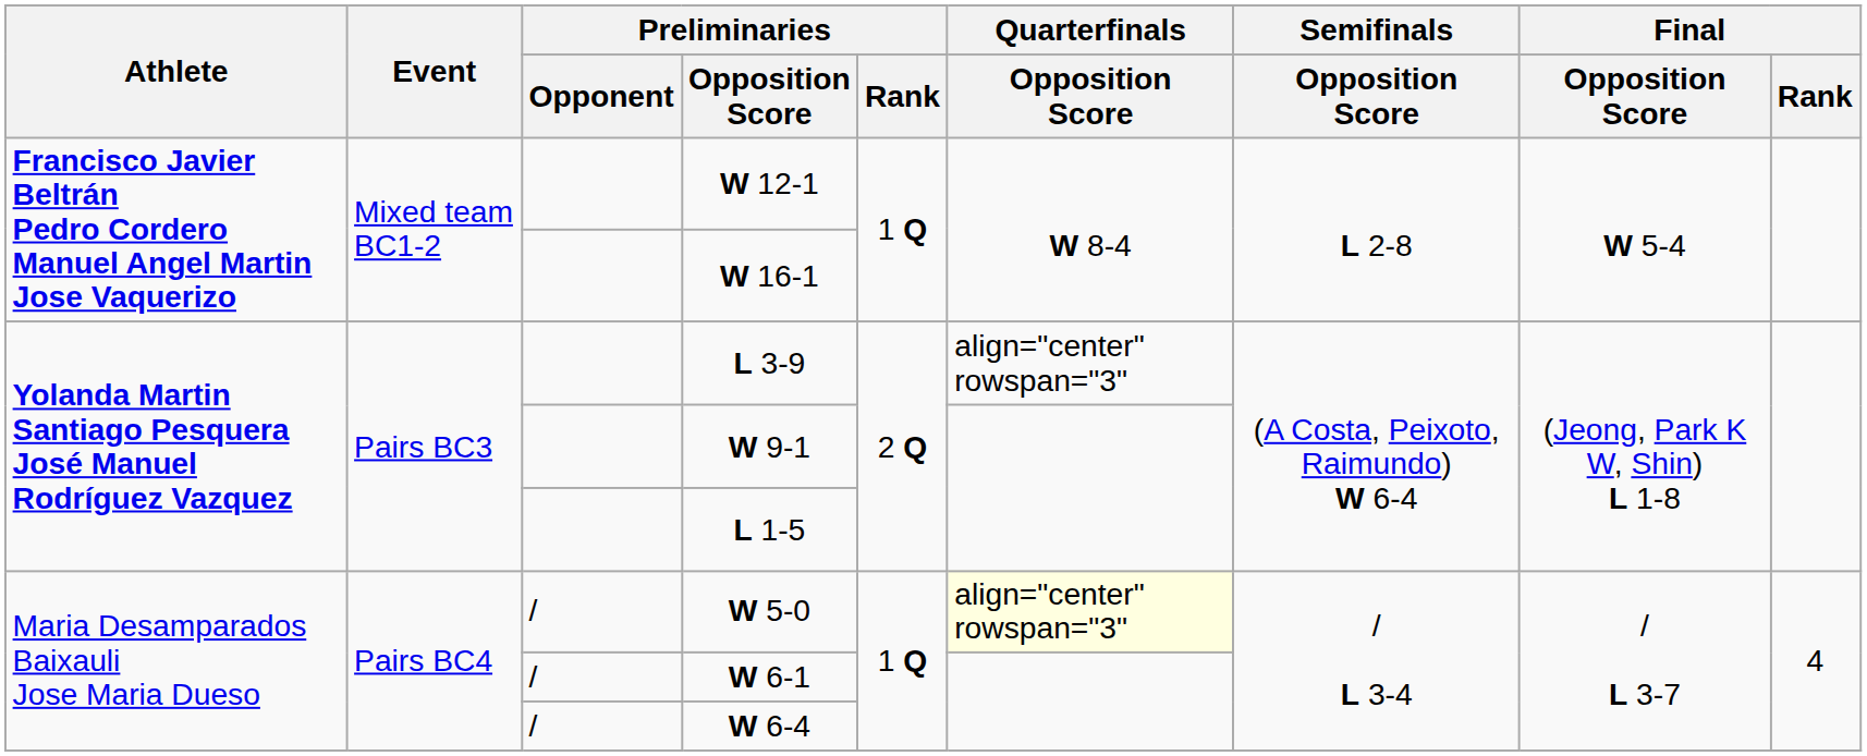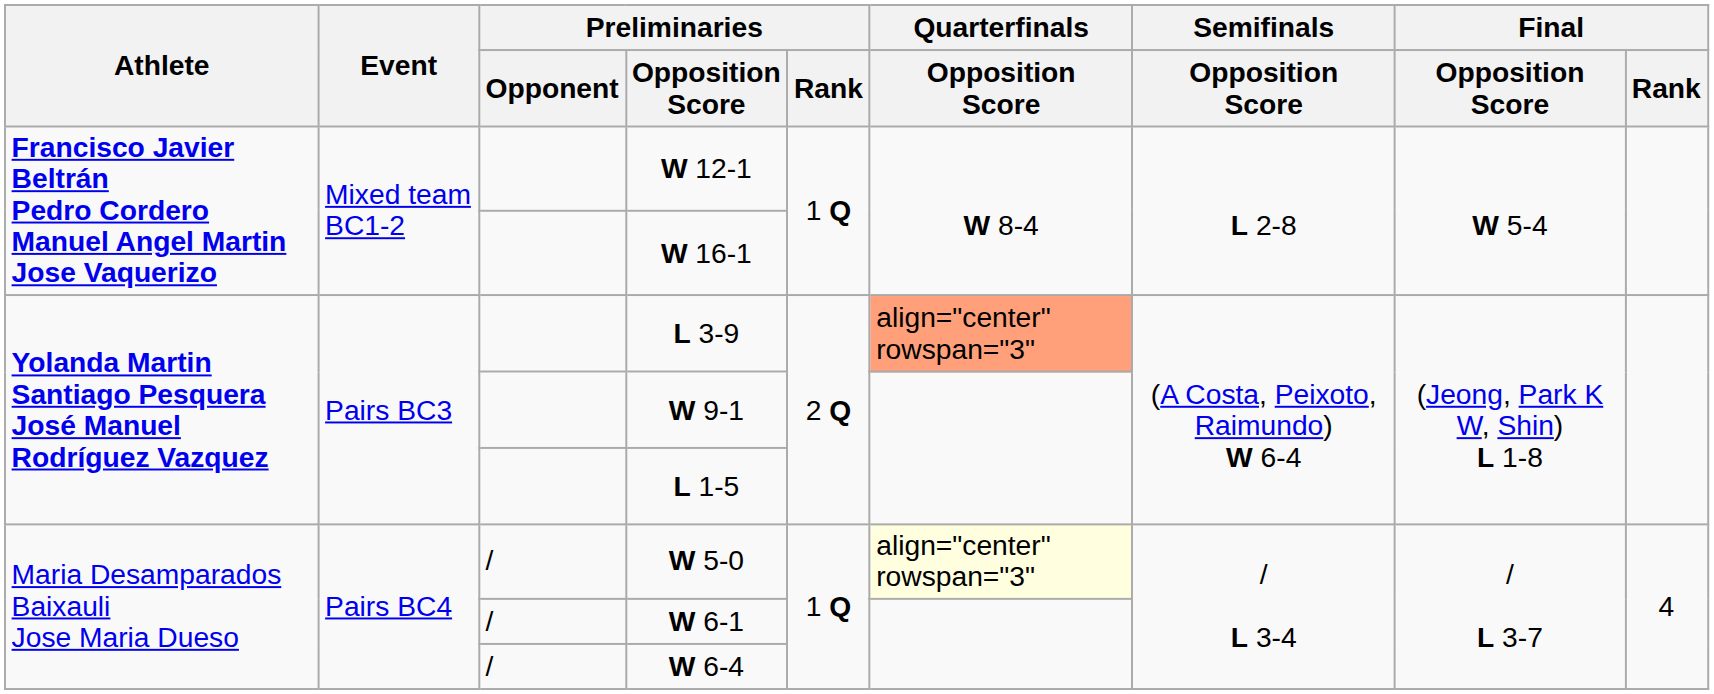 <table class=wikitable style="font-size:90%">
 <tr>
 <th rowspan="2">Athlete</th>
 <th rowspan="2">Event</th>
 <th colspan="3">Preliminaries</th>
 <th>Quarterfinals</th>
 <th>Semifinals</th>
 <th colspan="2">Final</th>
 </tr>
 <tr>
 <th>Opponent</th>
 <th>Opposition<br>Score</th>
 <th>Rank</th>
 <th>Opposition<br>Score</th>
 <th>Opposition<br>Score</th>
 <th>Opposition<br>Score</th>
 <th>Rank</th>
 </tr>
 <tr>
 <td rowspan="2"><strong><a href='#'>Francisco Javier Beltrán</a></strong><br> <strong><a href='#'>Pedro Cordero</a></strong><br> <strong><a href='#'>Manuel Angel Martin</a></strong><br> <strong><a href='#'>Jose Vaquerizo</a></strong></td>
 <td rowspan="2"><a href='#'>Mixed team BC1-2</a></td>
 <td align="left"></td>
 <td align="center"><strong>W</strong> 12-1</td>
 <td align="center" rowspan="2">1 <strong>Q</strong></td>
 <td align="center" rowspan="2"><br><strong>W</strong> 8-4</td>
 <td align="center" rowspan="2"><br><strong>L</strong> 2-8</td>
 <td align="center" rowspan="2"><br><strong>W</strong> 5-4</td>
 <td align="center" rowspan="2"></td>
 </tr>
 <tr>
 <td align="left"></td>
 <td align="center"><strong>W</strong> 16-1</td>
 </tr>
 <tr>
 <td rowspan="3"><strong><a href='#'>Yolanda Martin</a></strong><br> <strong><a href='#'>Santiago Pesquera</a></strong><br> <strong><a href='#'>José Manuel Rodríguez Vazquez</a></strong></td>
 <td rowspan="3"><a href='#'>Pairs BC3</a></td>
 <td align="left"><br> <br> </td>
 <td align="center"><strong>L</strong> 3-9</td>
 <td align="center" rowspan="3">2 <strong>Q</strong></td>
-<td>align="center" rowspan="3" </td>
+<td style="background: lightsalmon;">align="center" rowspan="3" </td>
 <td align="center" rowspan="3"><br> (<a href='#'>A Costa</a>, <a href='#'>Peixoto</a>, <a href='#'>Raimundo</a>)<br><strong>W</strong> 6-4</td>
 <td align="center" rowspan="3"><br> (<a href='#'>Jeong</a>, <a href='#'>Park K W</a>, <a href='#'>Shin</a>)<br><strong>L</strong> 1-8</td>
 <td align="center" rowspan="3"></td>
 </tr>
 <tr>
 <td align="left"><br> <br> </td>
 <td align="center"><strong>W</strong> 9-1</td>
 </tr>
 <tr>
 <td align="left"><br> <br> </td>
 <td align="center"><strong>L</strong> 1-5</td>
 </tr>
 <tr>
 <td rowspan="3"><a href='#'>Maria Desamparados Baixauli</a><br> <a href='#'>Jose Maria Dueso</a></td>
 <td rowspan="3"><a href='#'>Pairs BC4</a></td>
 <td align="left"> /<br> </td>
 <td align="center"><strong>W</strong> 5-0</td>
 <td align="center" rowspan="3">1 <strong>Q</strong></td>
 <td style="background: lightyellow;">align="center" rowspan="3" </td>
 <td align="center" rowspan="3"> /<br> <br><strong>L</strong> 3-4</td>
 <td align="center" rowspan="3"> /<br> <br><strong>L</strong> 3-7</td>
 <td align="center" rowspan="3">4</td>
 </tr>
 <tr>
 <td align="left"> /<br> </td>
 <td align="center"><strong>W</strong> 6-1</td>
 </tr>
 <tr>
 <td align="left"> /<br> </td>
 <td align="center"><strong>W</strong> 6-4</td>
 </tr>
 </table>
